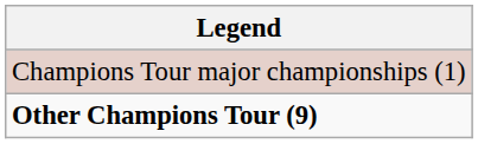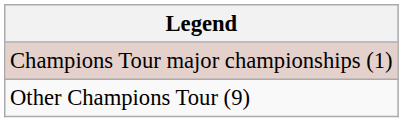 <table class="wikitable" style="font-size:95%;">
 <tr>
 <th>Legend</th>
 </tr>
 <tr style="background:#e5d1cb;">
 <td>Champions Tour major championships (1)</td>
 </tr>
 <tr>
-<td><strong>Other Champions Tour (9)</strong></td>
+<td>Other Champions Tour (9)</td>
 </tr>
 </table>
